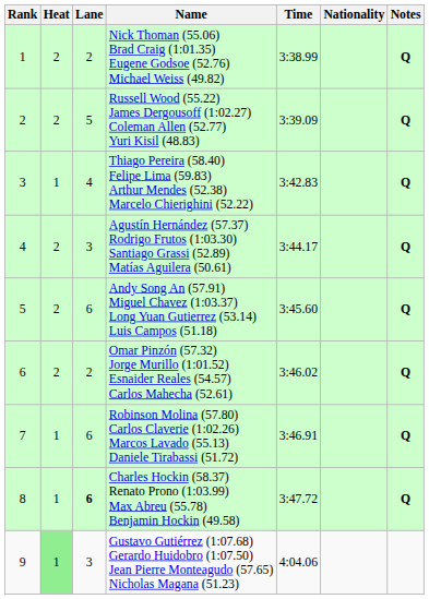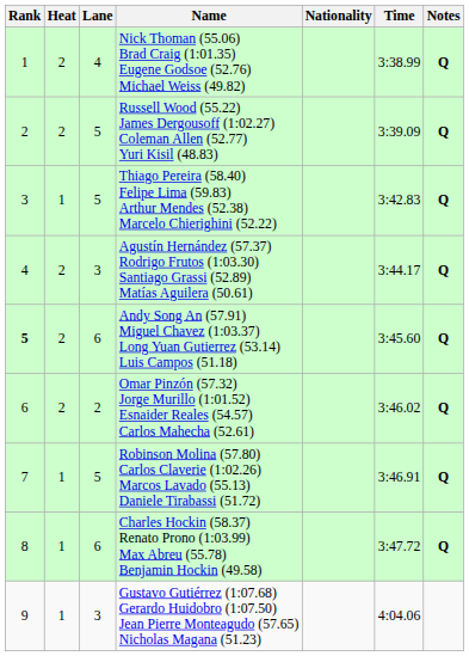 <table class="wikitable sortable" style="text-align:center">
 <tr>
 <th>Rank</th>
 <th>Heat</th>
 <th>Lane</th>
 <th>Name</th>
+<th>Nationality</th>
 <th>Time</th>
-<th>Nationality</th>
 <th>Notes</th>
 </tr>
 <tr bgcolor=ccffcc>
 <td>1</td>
 <td>2</td>
-<td>2</td>
+<td>4</td>
 <td align=left><a href='#'>Nick Thoman</a> (55.06)<br><a href='#'>Brad Craig</a> (1:01.35)<br><a href='#'>Eugene Godsoe</a> (52.76)<br><a href='#'>Michael Weiss</a> (49.82)</td>
+<td align=left></td>
 <td>3:38.99</td>
-<td align=left></td>
 <td><strong>Q</strong></td>
 </tr>
 <tr bgcolor=ccffcc>
 <td>2</td>
 <td>2</td>
 <td>5</td>
 <td align=left><a href='#'>Russell Wood</a> (55.22)<br><a href='#'>James Dergousoff</a> (1:02.27)<br><a href='#'>Coleman Allen</a> (52.77)<br><a href='#'>Yuri Kisil</a> (48.83)</td>
+<td align=left></td>
 <td>3:39.09</td>
-<td align=left></td>
 <td><strong>Q</strong></td>
 </tr>
 <tr bgcolor=ccffcc>
 <td>3</td>
 <td>1</td>
-<td>4</td>
+<td>5</td>
 <td align=left><a href='#'>Thiago Pereira</a> (58.40)<br><a href='#'>Felipe Lima</a> (59.83)<br><a href='#'>Arthur Mendes</a> (52.38)<br><a href='#'>Marcelo Chierighini</a> (52.22)</td>
+<td align=left></td>
 <td>3:42.83</td>
-<td align=left></td>
 <td><strong>Q</strong></td>
 </tr>
 <tr bgcolor=ccffcc>
 <td>4</td>
 <td>2</td>
 <td>3</td>
 <td align=left><a href='#'>Agustín Hernández</a> (57.37)<br><a href='#'>Rodrigo Frutos</a> (1:03.30)<br><a href='#'>Santiago Grassi</a> (52.89)<br><a href='#'>Matías Aguilera</a> (50.61)</td>
+<td align=left></td>
 <td>3:44.17</td>
-<td align=left></td>
 <td><strong>Q</strong></td>
 </tr>
 <tr bgcolor=ccffcc>
-<td>5</td>
+<td><strong>5</strong></td>
 <td>2</td>
 <td>6</td>
 <td align=left><a href='#'>Andy Song An</a> (57.91)<br><a href='#'>Miguel Chavez</a> (1:03.37)<br><a href='#'>Long Yuan Gutierrez</a> (53.14)<br><a href='#'>Luis Campos</a> (51.18)</td>
+<td align=left></td>
 <td>3:45.60</td>
-<td align=left></td>
 <td><strong>Q</strong></td>
 </tr>
 <tr bgcolor=ccffcc>
 <td>6</td>
 <td>2</td>
 <td>2</td>
 <td align=left><a href='#'>Omar Pinzón</a> (57.32)<br><a href='#'>Jorge Murillo</a> (1:01.52)<br><a href='#'>Esnaider Reales</a> (54.57)<br><a href='#'>Carlos Mahecha</a> (52.61)</td>
+<td align=left></td>
 <td>3:46.02</td>
-<td align=left></td>
 <td><strong>Q</strong></td>
 </tr>
 <tr bgcolor=ccffcc>
 <td>7</td>
 <td>1</td>
-<td>6</td>
+<td>5</td>
 <td align=left><a href='#'>Robinson Molina</a> (57.80)<br><a href='#'>Carlos Claverie</a> (1:02.26)<br><a href='#'>Marcos Lavado</a> (55.13)<br><a href='#'>Daniele Tirabassi</a> (51.72)</td>
+<td align=left></td>
 <td>3:46.91</td>
-<td align=left></td>
 <td><strong>Q</strong></td>
 </tr>
 <tr bgcolor=ccffcc>
 <td>8</td>
 <td>1</td>
-<td><strong>6</strong></td>
+<td>6</td>
 <td align=left><a href='#'>Charles Hockin</a> (58.37)<br>Renato Prono (1:03.99)<br><a href='#'>Max Abreu</a> (55.78)<br><a href='#'>Benjamin Hockin</a> (49.58)</td>
+<td align=left></td>
 <td>3:47.72</td>
-<td align=left></td>
 <td><strong>Q</strong></td>
 </tr>
 <tr>
 <td>9</td>
-<td style="background: lightgreen;">1</td>
+<td>1</td>
 <td>3</td>
 <td align=left><a href='#'>Gustavo Gutiérrez</a> (1:07.68)<br><a href='#'>Gerardo Huidobro</a> (1:07.50)<br><a href='#'>Jean Pierre Monteagudo</a> (57.65)<br><a href='#'>Nicholas Magana</a> (51.23)</td>
+<td align=left></td>
 <td>4:04.06</td>
-<td align=left></td>
 <td></td>
 </tr>
 </table>
